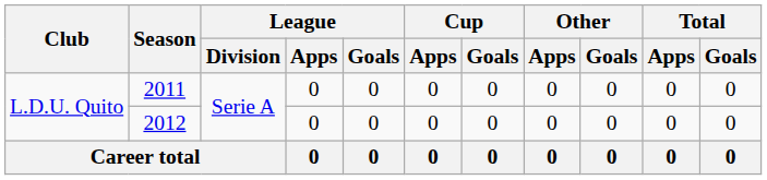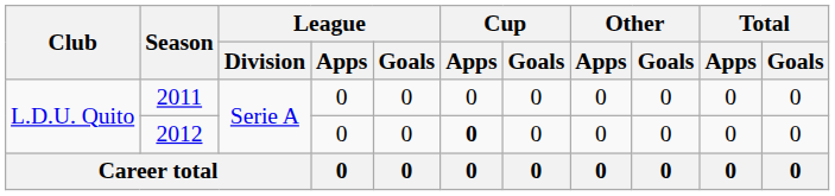 <table class=wikitable style=text-align:center>
 <tr>
 <th rowspan=2>Club</th>
 <th rowspan=2>Season</th>
 <th colspan=3>League</th>
 <th colspan=2>Cup</th>
 <th colspan=2>Other</th>
 <th colspan=2>Total</th>
 </tr>
 <tr>
 <th>Division</th>
 <th>Apps</th>
 <th>Goals</th>
 <th>Apps</th>
 <th>Goals</th>
 <th>Apps</th>
 <th>Goals</th>
 <th>Apps</th>
 <th>Goals</th>
 </tr>
 <tr>
 <td rowspan="2"><a href='#'>L.D.U. Quito</a></td>
 <td><a href='#'>2011</a></td>
 <td rowspan="2"><a href='#'>Serie A</a></td>
 <td>0</td>
 <td>0</td>
 <td>0</td>
 <td>0</td>
 <td>0</td>
 <td>0</td>
 <td>0</td>
 <td>0</td>
 </tr>
 <tr>
 <td><a href='#'>2012</a></td>
 <td>0</td>
 <td>0</td>
-<td>0</td>
+<td><strong>0</strong></td>
 <td>0</td>
 <td>0</td>
 <td>0</td>
 <td>0</td>
 <td>0</td>
 </tr>
 <tr>
 <th colspan="3"><strong>Career total</strong></th>
 <th>0</th>
 <th>0</th>
 <th>0</th>
 <th>0</th>
 <th>0</th>
 <th>0</th>
 <th>0</th>
 <th>0</th>
 </tr>
 </table>
